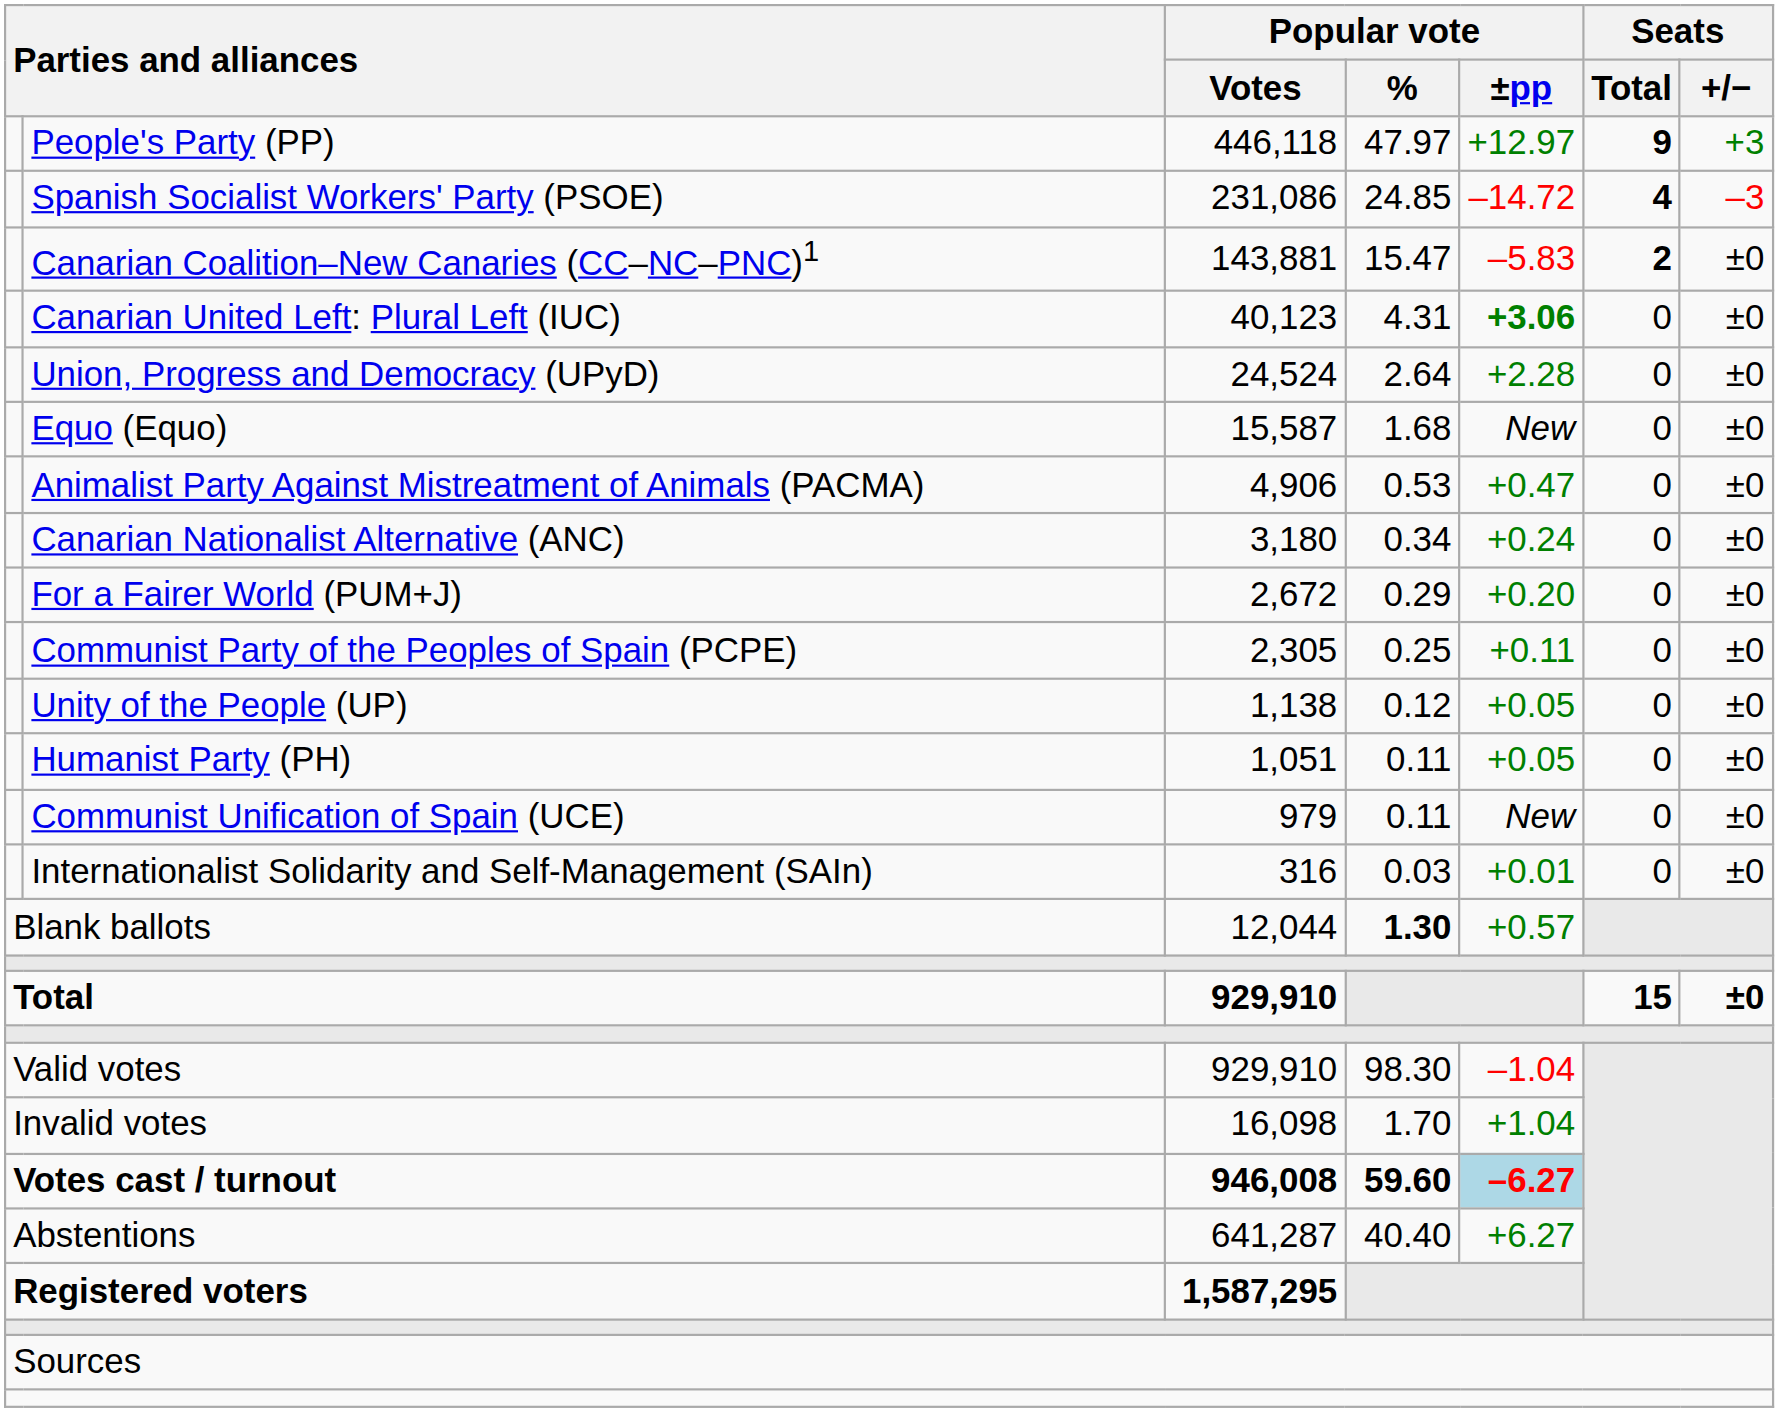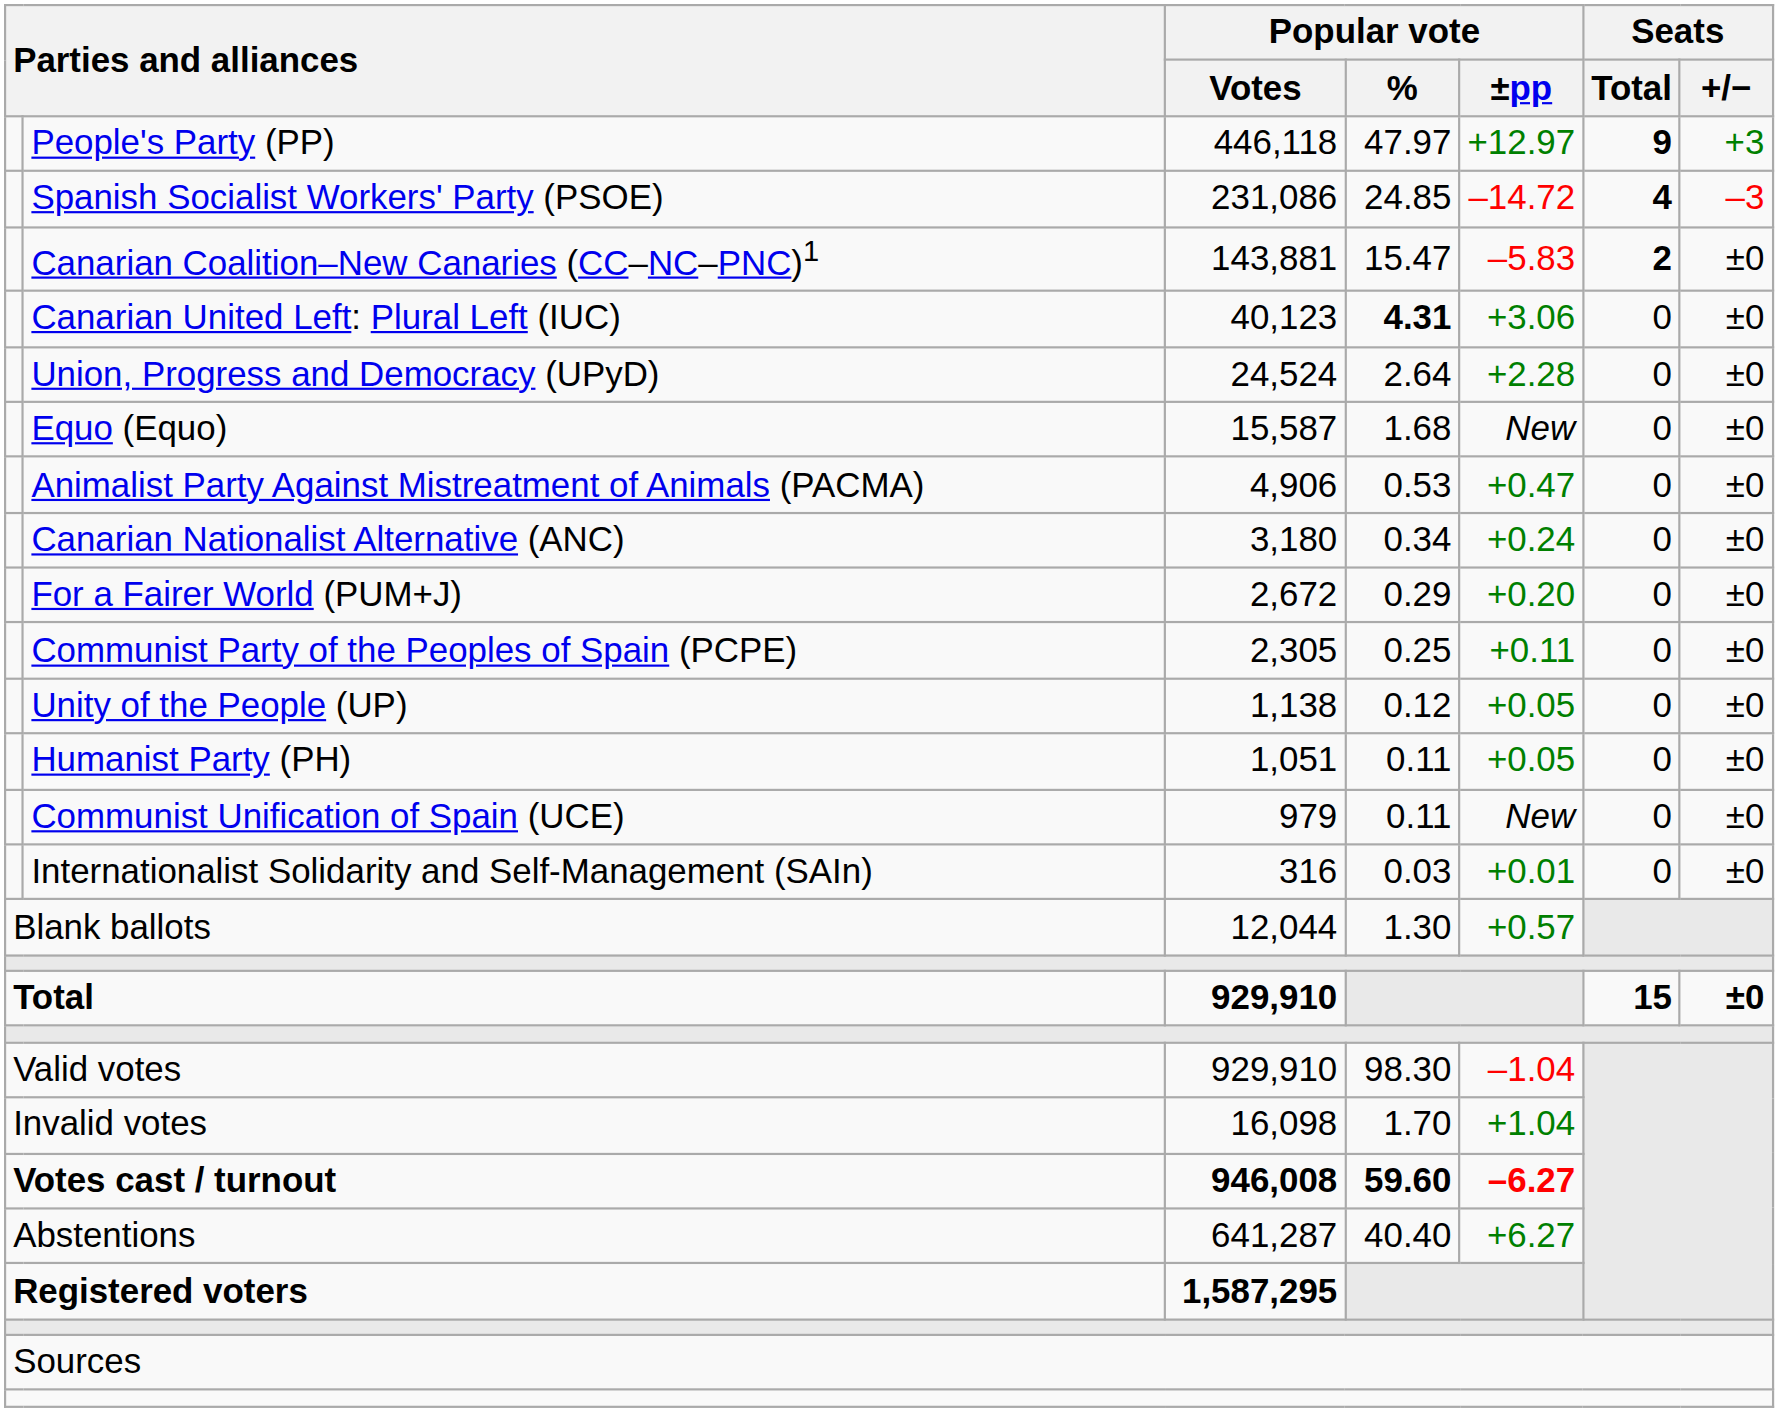 <table class="wikitable" style="text-align:right;">
 <tr>
 <th style="text-align:left;" rowspan="2" colspan="2" width="525">Parties and alliances</th>
 <th colspan="3">Popular vote</th>
 <th colspan="2">Seats</th>
 </tr>
 <tr>
 <th width="75">Votes</th>
 <th width="45">%</th>
 <th width="45">±<a href='#'>pp</a></th>
 <th width="35">Total</th>
 <th width="35">+/−</th>
 </tr>
 <tr>
 <td width="1" style="color:inherit;background:"></td>
 <td align="left"><a href='#'>People's Party</a> (PP)</td>
 <td>446,118</td>
 <td>47.97</td>
 <td style="color:green;">+12.97</td>
 <td><strong>9</strong></td>
 <td style="color:green;">+3</td>
 </tr>
 <tr>
 <td style="color:inherit;background:"></td>
 <td align="left"><a href='#'>Spanish Socialist Workers' Party</a> (PSOE)</td>
 <td>231,086</td>
 <td>24.85</td>
 <td style="color:red;">–14.72</td>
 <td><strong>4</strong></td>
 <td style="color:red;">–3</td>
 </tr>
 <tr>
 <td style="color:inherit;background:"></td>
 <td align="left"><a href='#'>Canarian Coalition–New Canaries</a> (<a href='#'>CC</a>–<a href='#'>NC</a>–<a href='#'>PNC</a>)<sup>1</sup></td>
 <td>143,881</td>
 <td>15.47</td>
 <td style="color:red;">–5.83</td>
 <td><strong>2</strong></td>
 <td>±0</td>
 </tr>
 <tr>
 <td style="color:inherit;background:"></td>
 <td align="left"><a href='#'>Canarian United Left</a>: <a href='#'>Plural Left</a> (IUC)</td>
 <td>40,123</td>
-<td>4.31</td>
-<td style="color:green;"><strong>+3.06</strong></td>
+<td><strong>4.31</strong></td>
+<td style="color:green;">+3.06</td>
 <td>0</td>
 <td>±0</td>
 </tr>
 <tr>
 <td style="color:inherit;background:"></td>
 <td align="left"><a href='#'>Union, Progress and Democracy</a> (UPyD)</td>
 <td>24,524</td>
 <td>2.64</td>
 <td style="color:green;">+2.28</td>
 <td>0</td>
 <td>±0</td>
 </tr>
 <tr>
 <td style="color:inherit;background:"></td>
 <td align="left"><a href='#'>Equo</a> (Equo)</td>
 <td>15,587</td>
 <td>1.68</td>
 <td><em>New</em></td>
 <td>0</td>
 <td>±0</td>
 </tr>
 <tr>
 <td style="color:inherit;background:"></td>
 <td align="left"><a href='#'>Animalist Party Against Mistreatment of Animals</a> (PACMA)</td>
 <td>4,906</td>
 <td>0.53</td>
 <td style="color:green;">+0.47</td>
 <td>0</td>
 <td>±0</td>
 </tr>
 <tr>
 <td style="color:inherit;background:"></td>
 <td align="left"><a href='#'>Canarian Nationalist Alternative</a> (ANC)</td>
 <td>3,180</td>
 <td>0.34</td>
 <td style="color:green;">+0.24</td>
 <td>0</td>
 <td>±0</td>
 </tr>
 <tr>
 <td style="color:inherit;background:"></td>
 <td align="left"><a href='#'>For a Fairer World</a> (PUM+J)</td>
 <td>2,672</td>
 <td>0.29</td>
 <td style="color:green;">+0.20</td>
 <td>0</td>
 <td>±0</td>
 </tr>
 <tr>
 <td style="color:inherit;background:"></td>
 <td align="left"><a href='#'>Communist Party of the Peoples of Spain</a> (PCPE)</td>
 <td>2,305</td>
 <td>0.25</td>
 <td style="color:green;">+0.11</td>
 <td>0</td>
 <td>±0</td>
 </tr>
 <tr>
 <td style="color:inherit;background:"></td>
 <td align="left"><a href='#'>Unity of the People</a> (UP)</td>
 <td>1,138</td>
 <td>0.12</td>
 <td style="color:green;">+0.05</td>
 <td>0</td>
 <td>±0</td>
 </tr>
 <tr>
 <td style="color:inherit;background:"></td>
 <td align="left"><a href='#'>Humanist Party</a> (PH)</td>
 <td>1,051</td>
 <td>0.11</td>
 <td style="color:green;">+0.05</td>
 <td>0</td>
 <td>±0</td>
 </tr>
 <tr>
 <td style="color:inherit;background:"></td>
 <td align="left"><a href='#'>Communist Unification of Spain</a> (UCE)</td>
 <td>979</td>
 <td>0.11</td>
 <td><em>New</em></td>
 <td>0</td>
 <td>±0</td>
 </tr>
 <tr>
 <td style="color:inherit;background:"></td>
 <td align="left">Internationalist Solidarity and Self-Management (SAIn)</td>
 <td>316</td>
 <td>0.03</td>
 <td style="color:green;">+0.01</td>
 <td>0</td>
 <td>±0</td>
 </tr>
 <tr>
 <td align="left" colspan="2">Blank ballots</td>
 <td>12,044</td>
-<td><strong>1.30</strong></td>
+<td>1.30</td>
 <td style="color:green;">+0.57</td>
 <td bgcolor="#E9E9E9" colspan="2"></td>
 </tr>
 <tr>
 <td colspan="7" bgcolor="#E9E9E9"></td>
 </tr>
 <tr style="font-weight:bold;">
 <td align="left" colspan="2">Total</td>
 <td>929,910</td>
 <td bgcolor="#E9E9E9" colspan="2"></td>
 <td>15</td>
 <td>±0</td>
 </tr>
 <tr>
 <td colspan="7" bgcolor="#E9E9E9"></td>
 </tr>
 <tr>
 <td align="left" colspan="2">Valid votes</td>
 <td>929,910</td>
 <td>98.30</td>
 <td style="color:red;">–1.04</td>
 <td bgcolor="#E9E9E9" colspan="2" rowspan="5"></td>
 </tr>
 <tr>
 <td align="left" colspan="2">Invalid votes</td>
 <td>16,098</td>
 <td>1.70</td>
 <td style="color:green;">+1.04</td>
 </tr>
 <tr style="font-weight:bold;">
 <td align="left" colspan="2">Votes cast / turnout</td>
 <td>946,008</td>
 <td>59.60</td>
-<td style="background: lightblue; color:red;">–6.27</td>
+<td style="color:red;">–6.27</td>
 </tr>
 <tr>
 <td align="left" colspan="2">Abstentions</td>
 <td>641,287</td>
 <td>40.40</td>
 <td style="color:green;">+6.27</td>
 </tr>
 <tr style="font-weight:bold;">
 <td align="left" colspan="2">Registered voters</td>
 <td>1,587,295</td>
 <td bgcolor="#E9E9E9" colspan="2"></td>
 </tr>
 <tr>
 <td colspan="7" bgcolor="#E9E9E9"></td>
 </tr>
 <tr>
 <td align="left" colspan="7">Sources</td>
 </tr>
 <tr>
 <td colspan="7" style="text-align:left; max-width:790px;"></td>
 </tr>
 </table>
